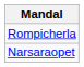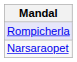 <table class="wikitable sortable static-row-numbers static-row-header-hash">
 <tr>
 <th>Mandal</th>
 </tr>
 <tr>
-<td><a href='#'>Rompicherla</a></td>
+<td style="background: lavender;"><a href='#'>Rompicherla</a></td>
 </tr>
 <tr>
 <td><a href='#'>Narsaraopet</a></td>
 </tr>
 </table>
